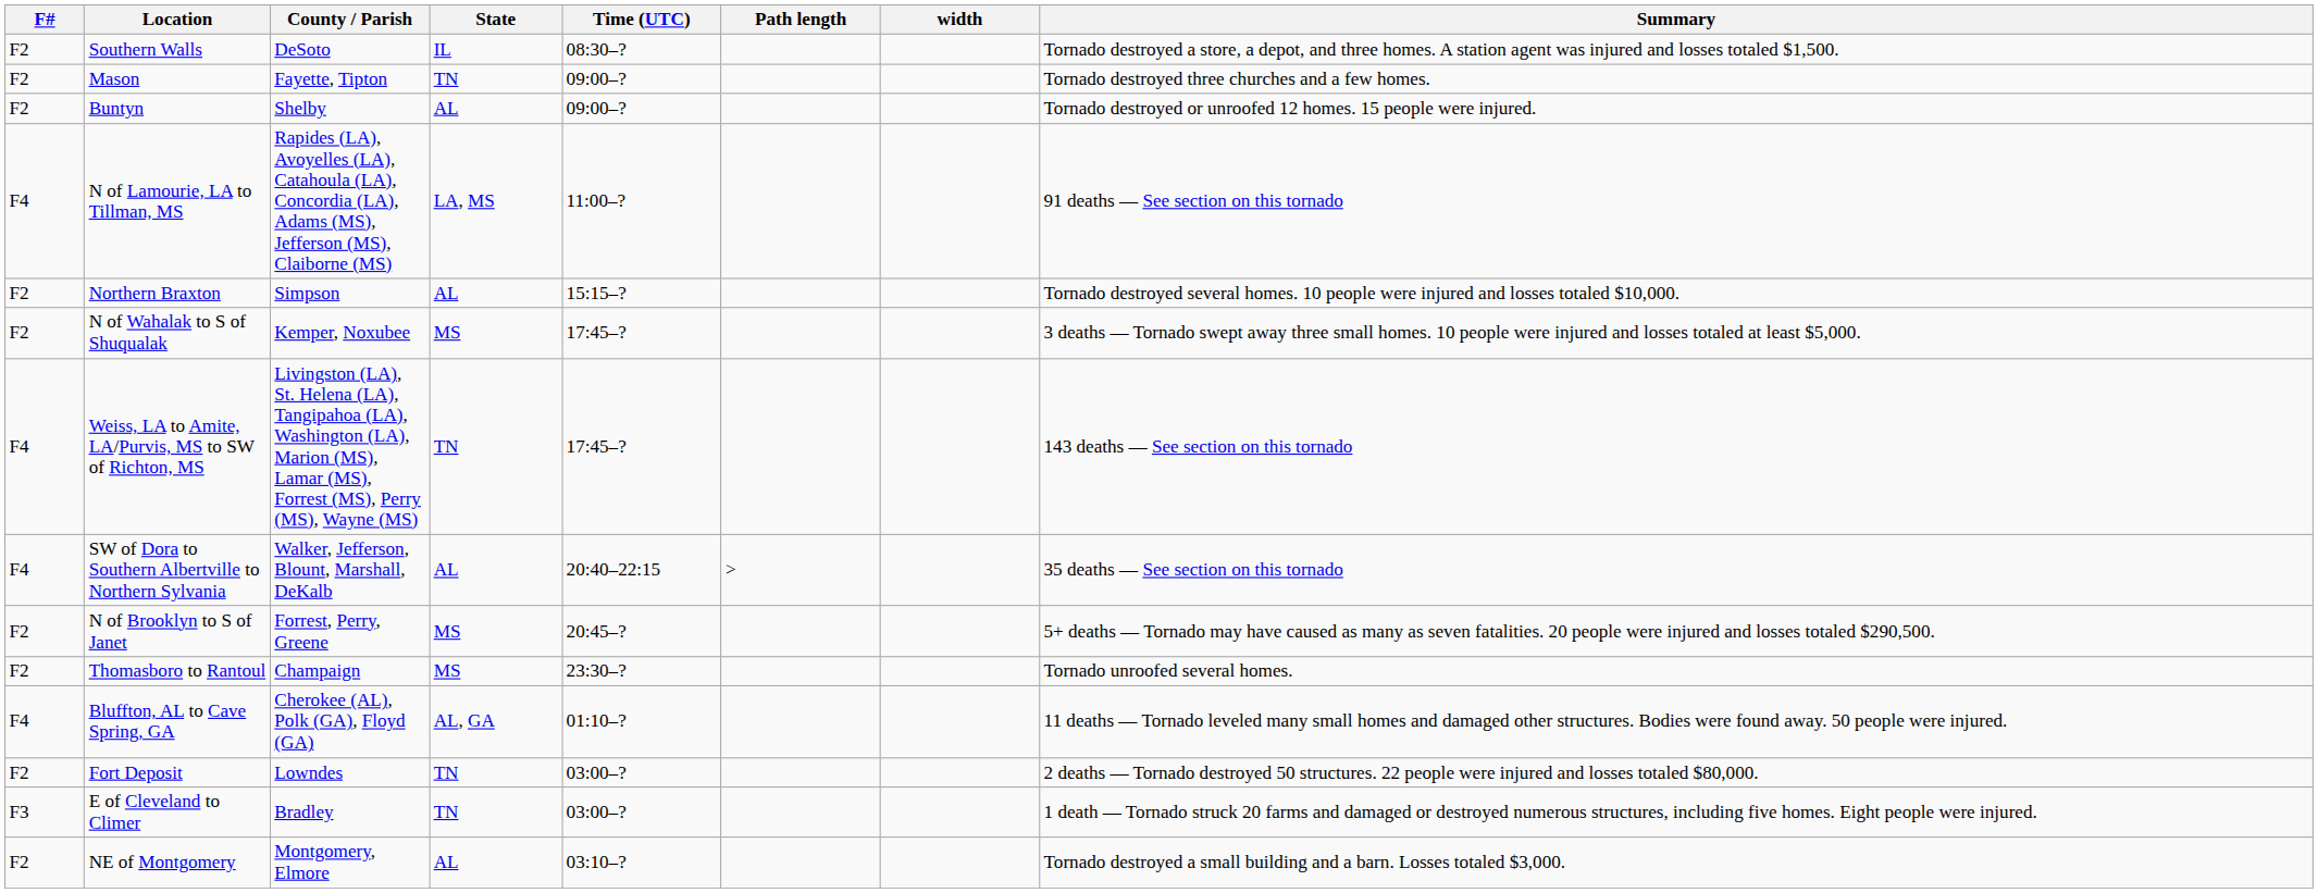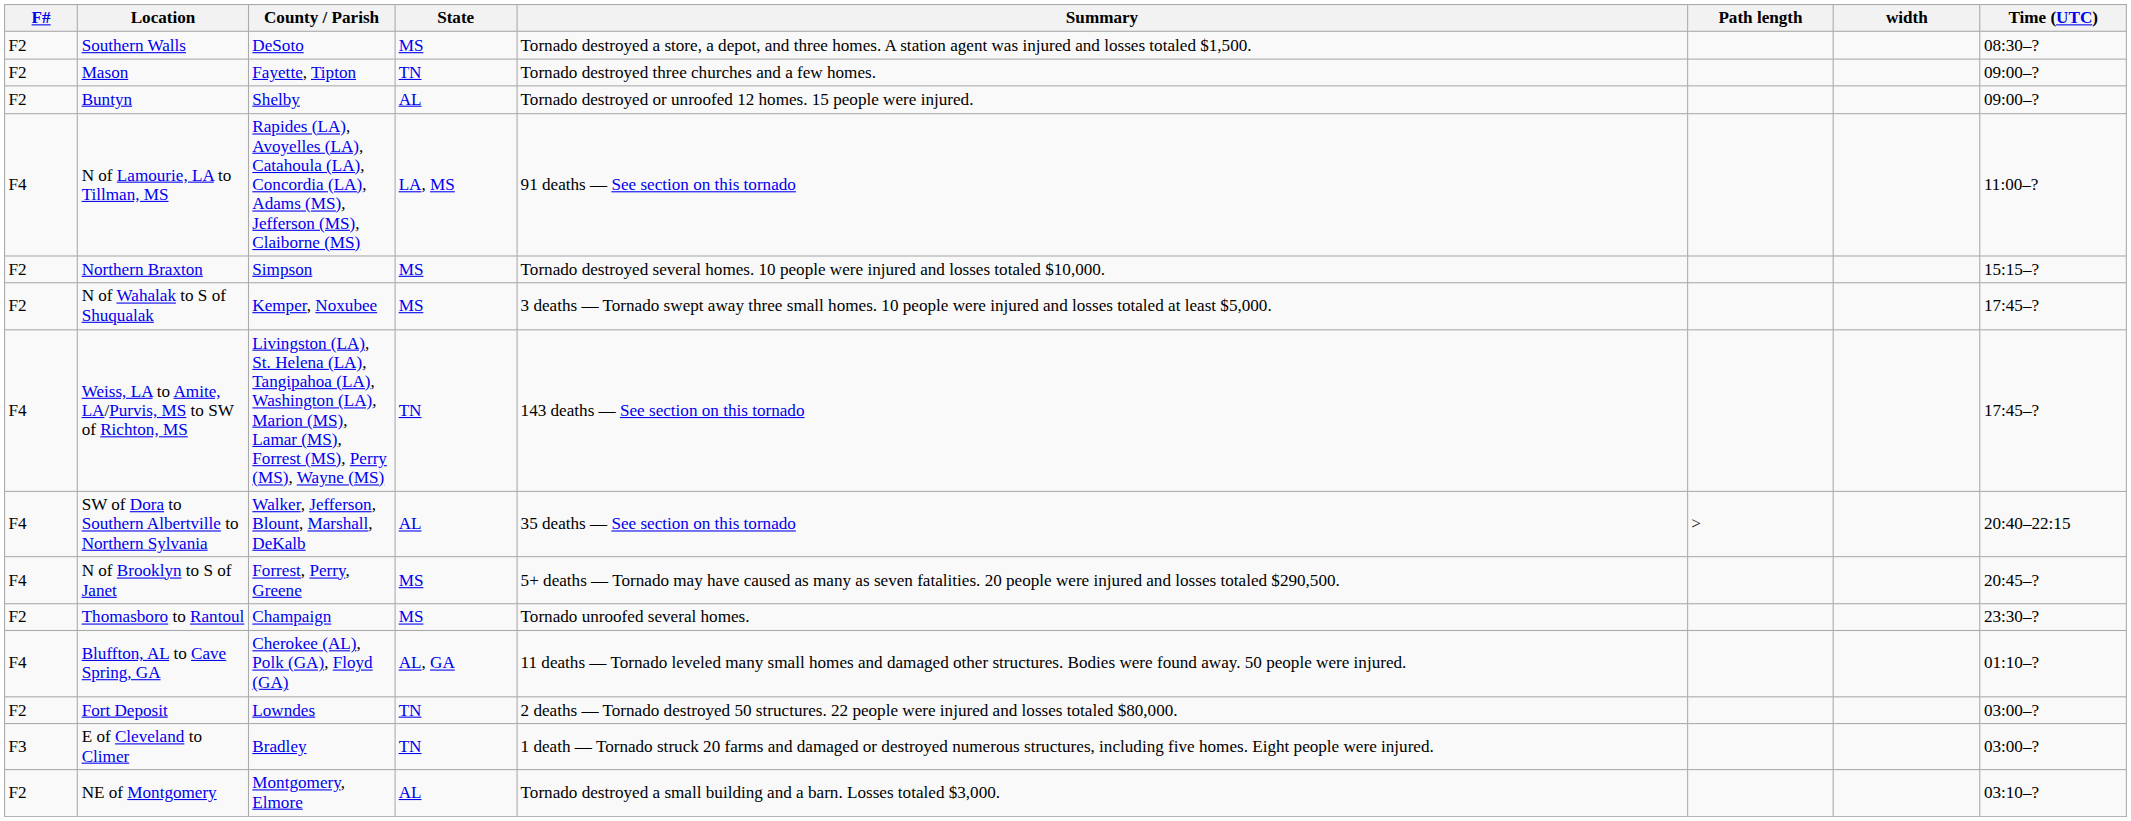 <table class="wikitable sortable" style="width:100%;">
 <tr>
 <th scope="col"  style="width:3%; text-align:center;"><a href='#'>F#</a></th>
 <th scope="col"  style="width:7%; text-align:center;" class="unsortable">Location</th>
 <th scope="col"  style="width:6%; text-align:center;" class="unsortable">County / Parish</th>
 <th scope="col"  style="width:5%; text-align:center;">State</th>
-<th scope="col"  style="width:6%; text-align:center;">Time (<a href='#'>UTC</a>)</th>
+<th scope="col" class="unsortable" style="width:48%; text-align:center;">Summary</th>
 <th scope="col"  style="width:6%; text-align:center;">Path length</th>
 <th scope="col"  style="width:6%; text-align:center;"> width</th>
-<th scope="col" class="unsortable" style="width:48%; text-align:center;">Summary</th>
+<th scope="col"  style="width:6%; text-align:center;">Time (<a href='#'>UTC</a>)</th>
 </tr>
 <tr>
 <td>F2</td>
 <td><a href='#'>Southern Walls</a></td>
 <td><a href='#'>DeSoto</a></td>
-<td><a href='#'>IL</a></td>
-<td>08:30–?</td>
+<td><a href='#'>MS</a></td>
+<td>Tornado destroyed a store, a depot, and three homes. A station agent was injured and losses totaled $1,500.</td>
 <td></td>
 <td></td>
-<td>Tornado destroyed a store, a depot, and three homes. A station agent was injured and losses totaled $1,500.</td>
+<td>08:30–?</td>
 </tr>
 <tr>
 <td>F2</td>
 <td><a href='#'>Mason</a></td>
 <td><a href='#'>Fayette</a>, <a href='#'>Tipton</a></td>
 <td><a href='#'>TN</a></td>
-<td>09:00–?</td>
+<td>Tornado destroyed three churches and a few homes.</td>
 <td></td>
 <td></td>
-<td>Tornado destroyed three churches and a few homes.</td>
+<td>09:00–?</td>
 </tr>
 <tr>
 <td>F2</td>
 <td><a href='#'>Buntyn</a></td>
 <td><a href='#'>Shelby</a></td>
 <td><a href='#'>AL</a></td>
-<td>09:00–?</td>
+<td>Tornado destroyed or unroofed 12 homes. 15 people were injured.</td>
 <td></td>
 <td></td>
-<td>Tornado destroyed or unroofed 12 homes. 15 people were injured.</td>
+<td>09:00–?</td>
 </tr>
 <tr>
 <td>F4</td>
 <td>N of <a href='#'>Lamourie, LA</a> to <a href='#'>Tillman, MS</a></td>
 <td><a href='#'>Rapides (LA)</a>, <a href='#'>Avoyelles (LA)</a>, <a href='#'>Catahoula (LA)</a>, <a href='#'>Concordia (LA)</a>, <a href='#'>Adams (MS)</a>, <a href='#'>Jefferson (MS)</a>, <a href='#'>Claiborne (MS)</a></td>
 <td><a href='#'>LA</a>, <a href='#'>MS</a></td>
-<td>11:00–?</td>
+<td>91 deaths — <a href='#'>See section on this tornado</a></td>
 <td></td>
 <td></td>
-<td>91 deaths — <a href='#'>See section on this tornado</a></td>
+<td>11:00–?</td>
 </tr>
 <tr>
 <td>F2</td>
 <td><a href='#'>Northern Braxton</a></td>
 <td><a href='#'>Simpson</a></td>
-<td><a href='#'>AL</a></td>
-<td>15:15–?</td>
+<td><a href='#'>MS</a></td>
+<td>Tornado destroyed several homes. 10 people were injured and losses totaled $10,000.</td>
 <td></td>
 <td></td>
-<td>Tornado destroyed several homes. 10 people were injured and losses totaled $10,000.</td>
+<td>15:15–?</td>
 </tr>
 <tr>
 <td>F2</td>
 <td>N of <a href='#'>Wahalak</a> to S of <a href='#'>Shuqualak</a></td>
 <td><a href='#'>Kemper</a>, <a href='#'>Noxubee</a></td>
 <td><a href='#'>MS</a></td>
-<td>17:45–?</td>
+<td>3 deaths — Tornado swept away three small homes. 10 people were injured and losses totaled at least $5,000.</td>
 <td></td>
 <td></td>
-<td>3 deaths — Tornado swept away three small homes. 10 people were injured and losses totaled at least $5,000.</td>
+<td>17:45–?</td>
 </tr>
 <tr>
 <td>F4</td>
 <td><a href='#'>Weiss, LA</a> to <a href='#'>Amite, LA</a>/<a href='#'>Purvis, MS</a> to SW of <a href='#'>Richton, MS</a></td>
 <td><a href='#'>Livingston (LA)</a>, <a href='#'>St. Helena (LA)</a>, <a href='#'>Tangipahoa (LA)</a>, <a href='#'>Washington (LA)</a>, <a href='#'>Marion (MS)</a>, <a href='#'>Lamar (MS)</a>, <a href='#'>Forrest (MS)</a>, <a href='#'>Perry (MS)</a>, <a href='#'>Wayne (MS)</a></td>
 <td><a href='#'>TN</a></td>
-<td>17:45–?</td>
+<td>143 deaths — <a href='#'>See section on this tornado</a></td>
 <td></td>
 <td></td>
-<td>143 deaths — <a href='#'>See section on this tornado</a></td>
+<td>17:45–?</td>
 </tr>
 <tr>
 <td>F4</td>
 <td>SW of <a href='#'>Dora</a> to <a href='#'>Southern Albertville</a> to <a href='#'>Northern Sylvania</a></td>
 <td><a href='#'>Walker</a>, <a href='#'>Jefferson</a>, <a href='#'>Blount</a>, <a href='#'>Marshall</a>, <a href='#'>DeKalb</a></td>
 <td><a href='#'>AL</a></td>
-<td>20:40–22:15</td>
+<td>35 deaths — <a href='#'>See section on this tornado</a></td>
 <td>> </td>
 <td></td>
-<td>35 deaths — <a href='#'>See section on this tornado</a></td>
+<td>20:40–22:15</td>
 </tr>
 <tr>
-<td>F2</td>
+<td>F4</td>
 <td>N of <a href='#'>Brooklyn</a> to S of <a href='#'>Janet</a></td>
 <td><a href='#'>Forrest</a>, <a href='#'>Perry</a>, <a href='#'>Greene</a></td>
 <td><a href='#'>MS</a></td>
-<td>20:45–?</td>
+<td>5+ deaths — Tornado may have caused as many as seven fatalities. 20 people were injured and losses totaled $290,500.</td>
 <td></td>
 <td></td>
-<td>5+ deaths — Tornado may have caused as many as seven fatalities. 20 people were injured and losses totaled $290,500.</td>
+<td>20:45–?</td>
 </tr>
 <tr>
 <td>F2</td>
 <td><a href='#'>Thomasboro</a> to <a href='#'>Rantoul</a></td>
 <td><a href='#'>Champaign</a></td>
 <td><a href='#'>MS</a></td>
-<td>23:30–?</td>
+<td>Tornado unroofed several homes.</td>
 <td></td>
 <td></td>
-<td>Tornado unroofed several homes.</td>
+<td>23:30–?</td>
 </tr>
 <tr>
 <td>F4</td>
 <td><a href='#'>Bluffton, AL</a> to <a href='#'>Cave Spring, GA</a></td>
 <td><a href='#'>Cherokee (AL)</a>, <a href='#'>Polk (GA)</a>, <a href='#'>Floyd (GA)</a></td>
 <td><a href='#'>AL</a>, <a href='#'>GA</a></td>
-<td>01:10–?</td>
+<td>11 deaths — Tornado leveled many small homes and damaged other structures. Bodies were found  away. 50 people were injured.</td>
 <td></td>
 <td></td>
-<td>11 deaths — Tornado leveled many small homes and damaged other structures. Bodies were found  away. 50 people were injured.</td>
+<td>01:10–?</td>
 </tr>
 <tr>
 <td>F2</td>
 <td><a href='#'>Fort Deposit</a></td>
 <td><a href='#'>Lowndes</a></td>
 <td><a href='#'>TN</a></td>
-<td>03:00–?</td>
+<td>2 deaths — Tornado destroyed 50 structures. 22 people were injured and losses totaled $80,000.</td>
 <td></td>
 <td></td>
-<td>2 deaths — Tornado destroyed 50 structures. 22 people were injured and losses totaled $80,000.</td>
+<td>03:00–?</td>
 </tr>
 <tr>
 <td>F3</td>
 <td>E of <a href='#'>Cleveland</a> to <a href='#'>Climer</a></td>
 <td><a href='#'>Bradley</a></td>
 <td><a href='#'>TN</a></td>
-<td>03:00–?</td>
+<td>1 death —  Tornado struck 20 farms and damaged or destroyed numerous structures, including five homes. Eight people were injured.</td>
 <td></td>
 <td></td>
-<td>1 death —  Tornado struck 20 farms and damaged or destroyed numerous structures, including five homes. Eight people were injured.</td>
+<td>03:00–?</td>
 </tr>
 <tr>
 <td>F2</td>
 <td>NE of <a href='#'>Montgomery</a></td>
 <td><a href='#'>Montgomery</a>, <a href='#'>Elmore</a></td>
 <td><a href='#'>AL</a></td>
-<td>03:10–?</td>
+<td>Tornado destroyed a small building and a barn. Losses totaled $3,000.</td>
 <td></td>
 <td></td>
-<td>Tornado destroyed a small building and a barn. Losses totaled $3,000.</td>
+<td>03:10–?</td>
 </tr>
 </table>
